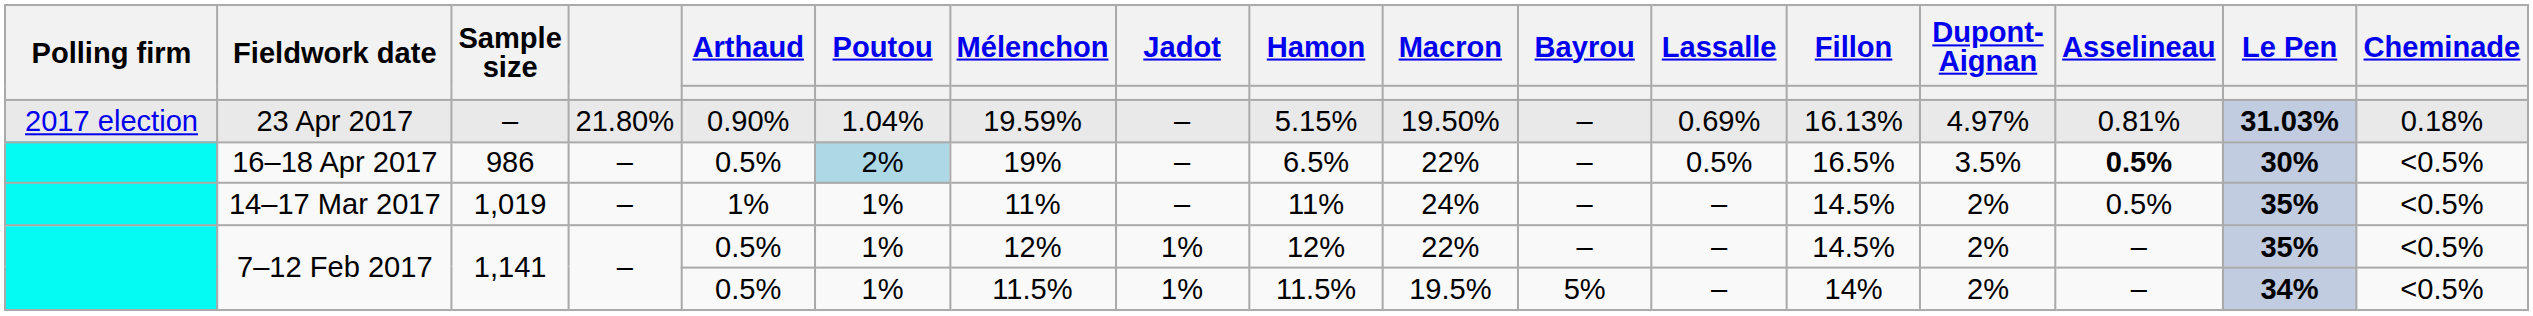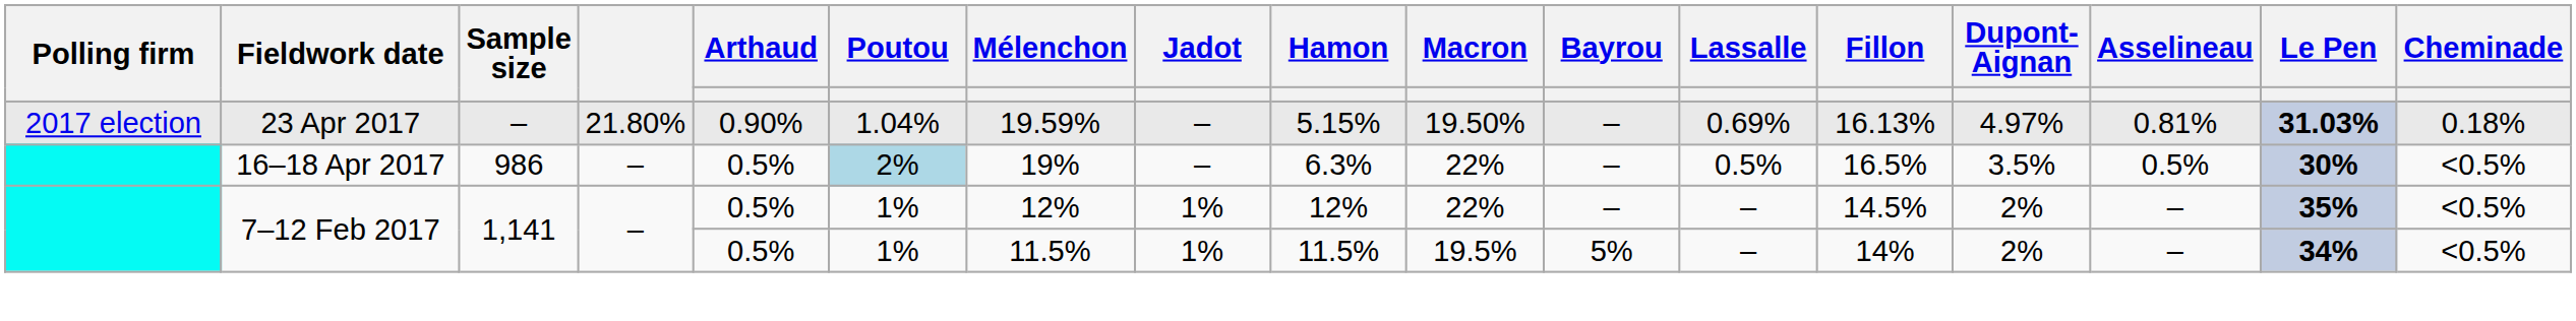 <table class="wikitable sortable" style="text-align:center;font-size:90%;line-height:14px;">
 <tr style="height:40px;">
 <th style="width:100px;" rowspan="2">Polling firm</th>
 <th style="width:110px;" rowspan="2">Fieldwork date</th>
 <th style="width:35px;" rowspan="2">Sample<br>size</th>
 <th style="width:30px;" rowspan="2"></th>
 <th class="unsortable" style="width:60px;"><a href='#'>Arthaud</a><br></th>
 <th class="unsortable" style="width:60px;"><a href='#'>Poutou</a><br></th>
 <th class="unsortable" style="width:60px;"><a href='#'>Mélenchon</a><br></th>
 <th class="unsortable" style="width:60px;"><a href='#'>Jadot</a><br></th>
 <th class="unsortable" style="width:60px;"><a href='#'>Hamon</a><br></th>
 <th class="unsortable" style="width:60px;"><a href='#'>Macron</a><br></th>
 <th class="unsortable" style="width:60px;"><a href='#'>Bayrou</a><br></th>
 <th class="unsortable" style="width:60px;"><a href='#'>Lassalle</a><br></th>
 <th class="unsortable" style="width:60px;"><a href='#'>Fillon</a><br></th>
 <th class="unsortable" style="width:60px;"><a href='#'>Dupont-Aignan</a><br></th>
 <th class="unsortable" style="width:60px;"><a href='#'>Asselineau</a><br></th>
 <th class="unsortable" style="width:60px;"><a href='#'>Le Pen</a><br></th>
 <th class="unsortable" style="width:60px;"><a href='#'>Cheminade</a><br></th>
 </tr>
 <tr>
 <th style="background:"></th>
 <th style="background:"></th>
 <th style="background:"></th>
 <th style="background:"></th>
 <th style="background:"></th>
 <th style="background:"></th>
 <th style="background:"></th>
 <th style="background:"></th>
 <th style="background:"></th>
 <th style="background:"></th>
 <th style="background:"></th>
 <th style="background:"></th>
 <th style="background:"></th>
 </tr>
 <tr style="background:#E9E9E9;">
 <td><a href='#'>2017 election</a></td>
 <td data-sort-value="2017-04-23">23 Apr 2017</td>
 <td>–</td>
 <td>21.80%</td>
 <td>0.90%</td>
 <td>1.04%</td>
 <td>19.59%</td>
 <td>–</td>
 <td>5.15%</td>
 <td>19.50%</td>
 <td>–</td>
 <td>0.69%</td>
 <td>16.13%</td>
 <td>4.97%</td>
 <td>0.81%</td>
 <td style="background:#C1CCE1;"><strong>31.03%</strong></td>
 <td>0.18%</td>
 </tr>
 <tr>
 <td style="background:#04FBF4;"></td>
 <td data-sort-value="2017-04-18">16–18 Apr 2017</td>
 <td>986</td>
 <td>–</td>
 <td>0.5%</td>
 <td style="background: lightblue;">2%</td>
 <td>19%</td>
 <td>–</td>
-<td>6.5%</td>
+<td>6.3%</td>
 <td>22%</td>
 <td>–</td>
 <td>0.5%</td>
 <td>16.5%</td>
 <td>3.5%</td>
-<td><strong>0.5%</strong></td>
+<td>0.5%</td>
 <td style="background:#C1CCE1;"><strong>30%</strong></td>
-<td data-sort-value="0%"><0.5%</td>
-</tr>
-<tr>
-<td style="background:#04FBF4;"></td>
-<td data-sort-value="2017-03-17">14–17 Mar 2017</td>
-<td>1,019</td>
-<td>–</td>
-<td>1%</td>
-<td>1%</td>
-<td>11%</td>
-<td>–</td>
-<td>11%</td>
-<td>24%</td>
-<td>–</td>
-<td>–</td>
-<td>14.5%</td>
-<td>2%</td>
-<td>0.5%</td>
-<td style="background:#C1CCE1;"><strong>35%</strong></td>
 <td data-sort-value="0%"><0.5%</td>
 </tr>
 <tr>
 <td rowspan="2" style="background:#04FBF4;"></td>
 <td rowspan="2" data-sort-value="2017-02-12">7–12 Feb 2017</td>
 <td rowspan="2">1,141</td>
 <td rowspan="2">–</td>
 <td>0.5%</td>
 <td>1%</td>
 <td>12%</td>
 <td>1%</td>
 <td>12%</td>
 <td>22%</td>
 <td>–</td>
 <td>–</td>
 <td>14.5%</td>
 <td>2%</td>
 <td>–</td>
 <td style="background:#C1CCE1;"><strong>35%</strong></td>
 <td data-sort-value="0%"><0.5%</td>
 </tr>
 <tr>
 <td>0.5%</td>
 <td>1%</td>
 <td>11.5%</td>
 <td>1%</td>
 <td>11.5%</td>
 <td>19.5%</td>
 <td>5%</td>
 <td>–</td>
 <td>14%</td>
 <td>2%</td>
 <td>–</td>
 <td style="background:#C1CCE1;"><strong>34%</strong></td>
 <td data-sort-value="0%"><0.5%</td>
 </tr>
 </table>
